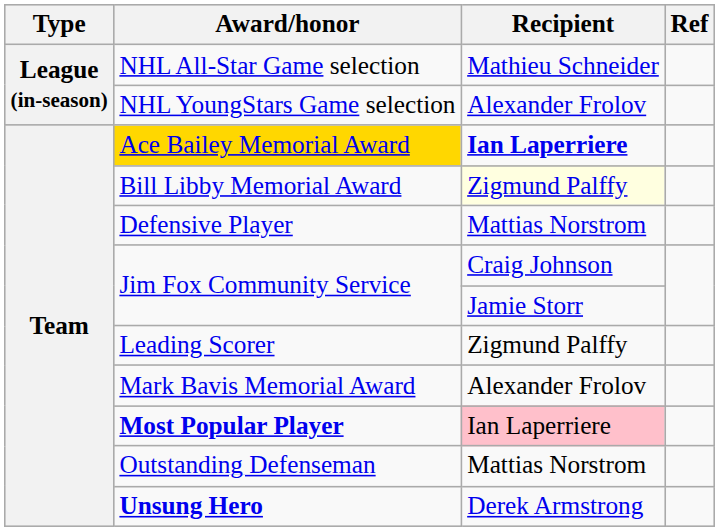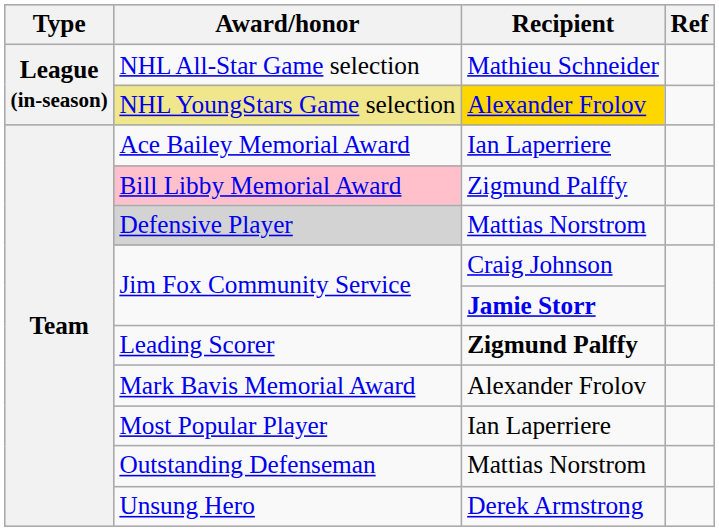 <table class="wikitable">
 <tr>
 <th scope="col">Type</th>
 <th scope="col">Award/honor</th>
 <th scope="col">Recipient</th>
 <th scope="col">Ref</th>
 </tr>
 <tr>
 <th scope="row" rowspan="2">League<br><small>(in-season)</small></th>
 <td><a href='#'>NHL All-Star Game</a> selection</td>
 <td><a href='#'>Mathieu Schneider</a></td>
 <td></td>
 </tr>
 <tr>
-<td><a href='#'>NHL YoungStars Game</a> selection</td>
-<td><a href='#'>Alexander Frolov</a></td>
+<td style="background: khaki;"><a href='#'>NHL YoungStars Game</a> selection</td>
+<td style="background: gold;"><a href='#'>Alexander Frolov</a></td>
 <td></td>
 </tr>
 <tr>
 <th scope="row" rowspan="10">Team</th>
-<td style="background: gold;"><a href='#'>Ace Bailey Memorial Award</a></td>
-<td><strong><a href='#'>Ian Laperriere</a></strong></td>
+<td><a href='#'>Ace Bailey Memorial Award</a></td>
+<td><a href='#'>Ian Laperriere</a></td>
 <td></td>
 </tr>
 <tr>
-<td><a href='#'>Bill Libby Memorial Award</a></td>
-<td style="background: lightyellow;"><a href='#'>Zigmund Palffy</a></td>
+<td style="background: pink;"><a href='#'>Bill Libby Memorial Award</a></td>
+<td><a href='#'>Zigmund Palffy</a></td>
 <td></td>
 </tr>
 <tr>
-<td><a href='#'>Defensive Player</a></td>
+<td style="background: lightgrey;"><a href='#'>Defensive Player</a></td>
 <td><a href='#'>Mattias Norstrom</a></td>
 <td></td>
 </tr>
 <tr>
 <td rowspan="2"><a href='#'>Jim Fox Community Service</a></td>
 <td><a href='#'>Craig Johnson</a></td>
 <td rowspan="2"></td>
 </tr>
 <tr>
-<td><a href='#'>Jamie Storr</a></td>
+<td><strong><a href='#'>Jamie Storr</a></strong></td>
 </tr>
 <tr>
 <td><a href='#'>Leading Scorer</a></td>
-<td>Zigmund Palffy</td>
+<td><strong>Zigmund Palffy</strong></td>
 <td></td>
 </tr>
 <tr>
 <td><a href='#'>Mark Bavis Memorial Award</a></td>
 <td>Alexander Frolov</td>
 <td></td>
 </tr>
 <tr>
-<td><strong><a href='#'>Most Popular Player</a></strong></td>
-<td style="background: pink;">Ian Laperriere</td>
+<td><a href='#'>Most Popular Player</a></td>
+<td>Ian Laperriere</td>
 <td></td>
 </tr>
 <tr>
 <td><a href='#'>Outstanding Defenseman</a></td>
 <td>Mattias Norstrom</td>
 <td></td>
 </tr>
 <tr>
-<td><strong><a href='#'>Unsung Hero</a></strong></td>
+<td><a href='#'>Unsung Hero</a></td>
 <td><a href='#'>Derek Armstrong</a></td>
 <td></td>
 </tr>
 </table>
